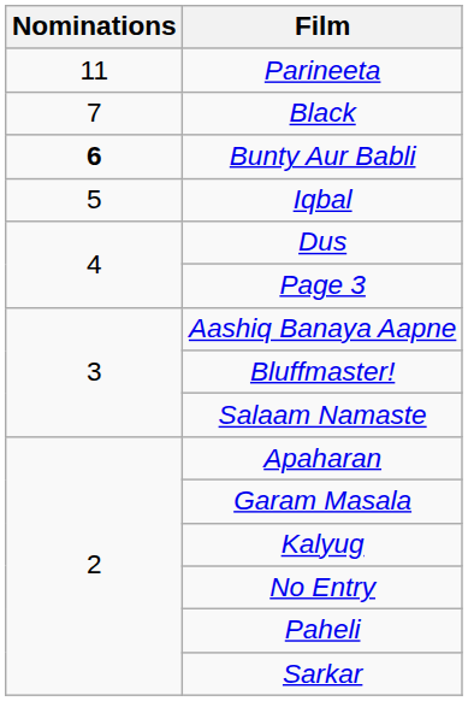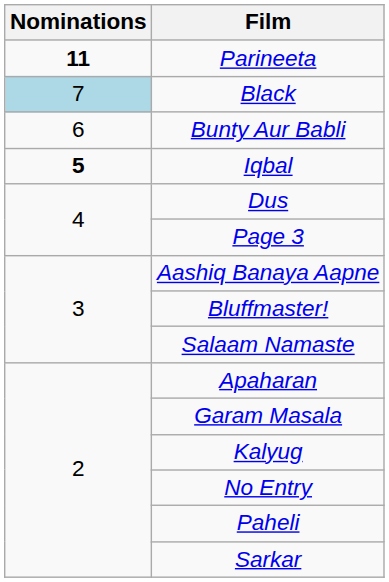 <table class="wikitable plainrowheaders" style="text-align:center;">
 <tr>
 <th scope="col" style="width:55px;">Nominations</th>
 <th scope="col" style="text-align:center;">Film</th>
 </tr>
 <tr>
-<td>11</td>
+<td><strong>11</strong></td>
 <td><a href='#'><em>Parineeta</em></a></td>
 </tr>
 <tr>
-<td scope="row" style="text-align:center">7</td>
+<td scope="row" style="background: lightblue; text-align:center">7</td>
 <td><a href='#'><em>Black</em></a></td>
 </tr>
 <tr>
-<td><strong>6</strong></td>
+<td>6</td>
 <td><em><a href='#'>Bunty Aur Babli</a></em></td>
 </tr>
 <tr>
-<td scope="row" style="text-align:center;">5</td>
+<td scope="row" style="text-align:center;"><strong>5</strong></td>
 <td><a href='#'><em>Iqbal</em></a></td>
 </tr>
 <tr>
 <td rowspan="2">4</td>
 <td><em><a href='#'>Dus</a></em></td>
 </tr>
 <tr>
 <td><a href='#'><em>Page 3</em></a></td>
 </tr>
 <tr>
 <td rowspan="3">3</td>
 <td><em><a href='#'>Aashiq Banaya Aapne</a></em></td>
 </tr>
 <tr>
 <td><em><a href='#'>Bluffmaster!</a></em></td>
 </tr>
 <tr>
 <td><em><a href='#'>Salaam Namaste</a></em></td>
 </tr>
 <tr>
 <td rowspan="6">2</td>
 <td><em><a href='#'>Apaharan</a></em></td>
 </tr>
 <tr>
 <td><a href='#'><em>Garam Masala</em></a></td>
 </tr>
 <tr>
 <td><a href='#'><em>Kalyug</em></a></td>
 </tr>
 <tr>
 <td><em><a href='#'>No Entry</a></em></td>
 </tr>
 <tr>
 <td><a href='#'><em>Paheli</em></a></td>
 </tr>
 <tr>
 <td><a href='#'><em>Sarkar</em></a></td>
 </tr>
 </table>
